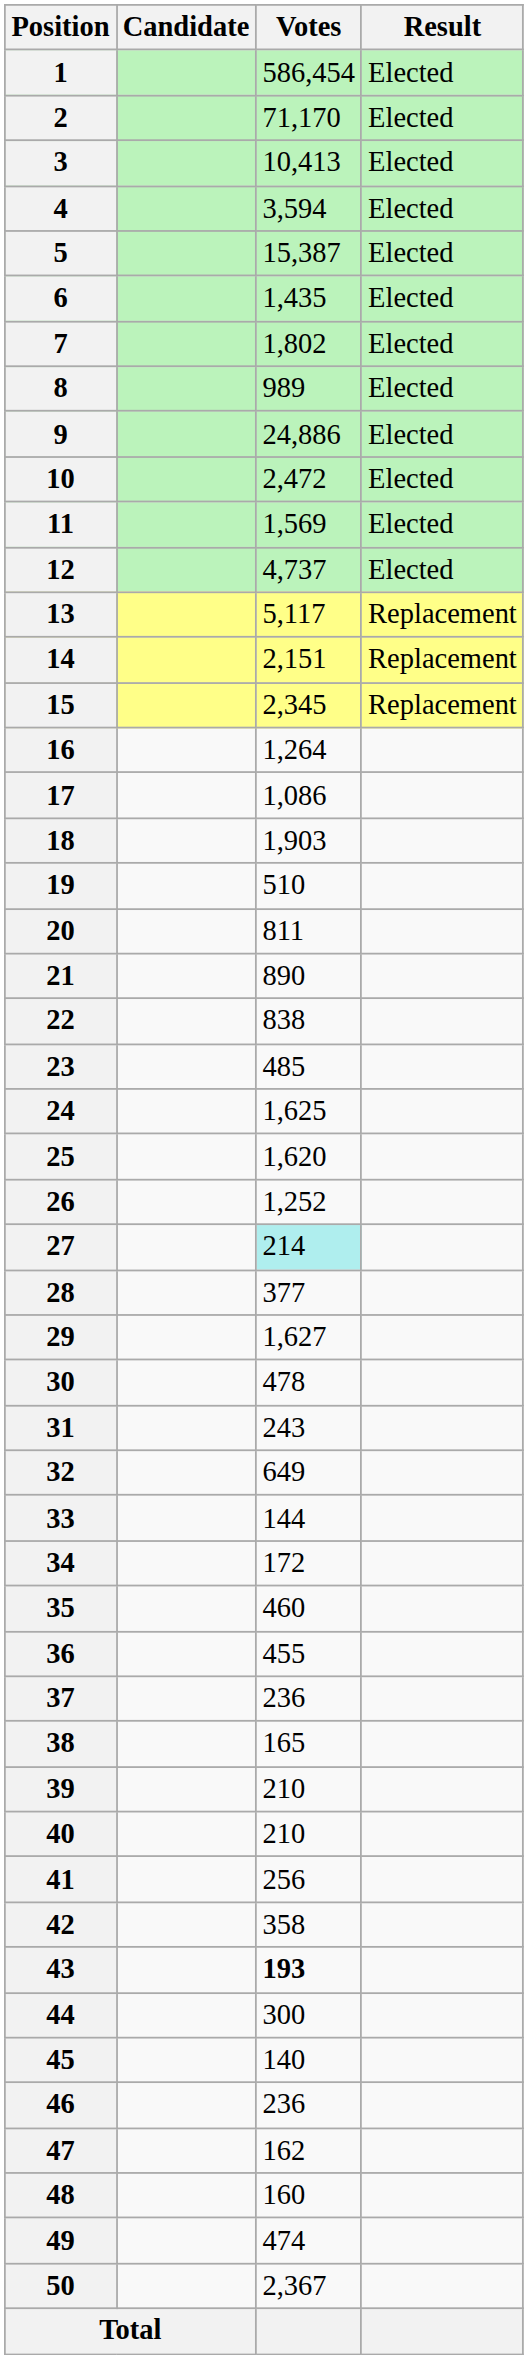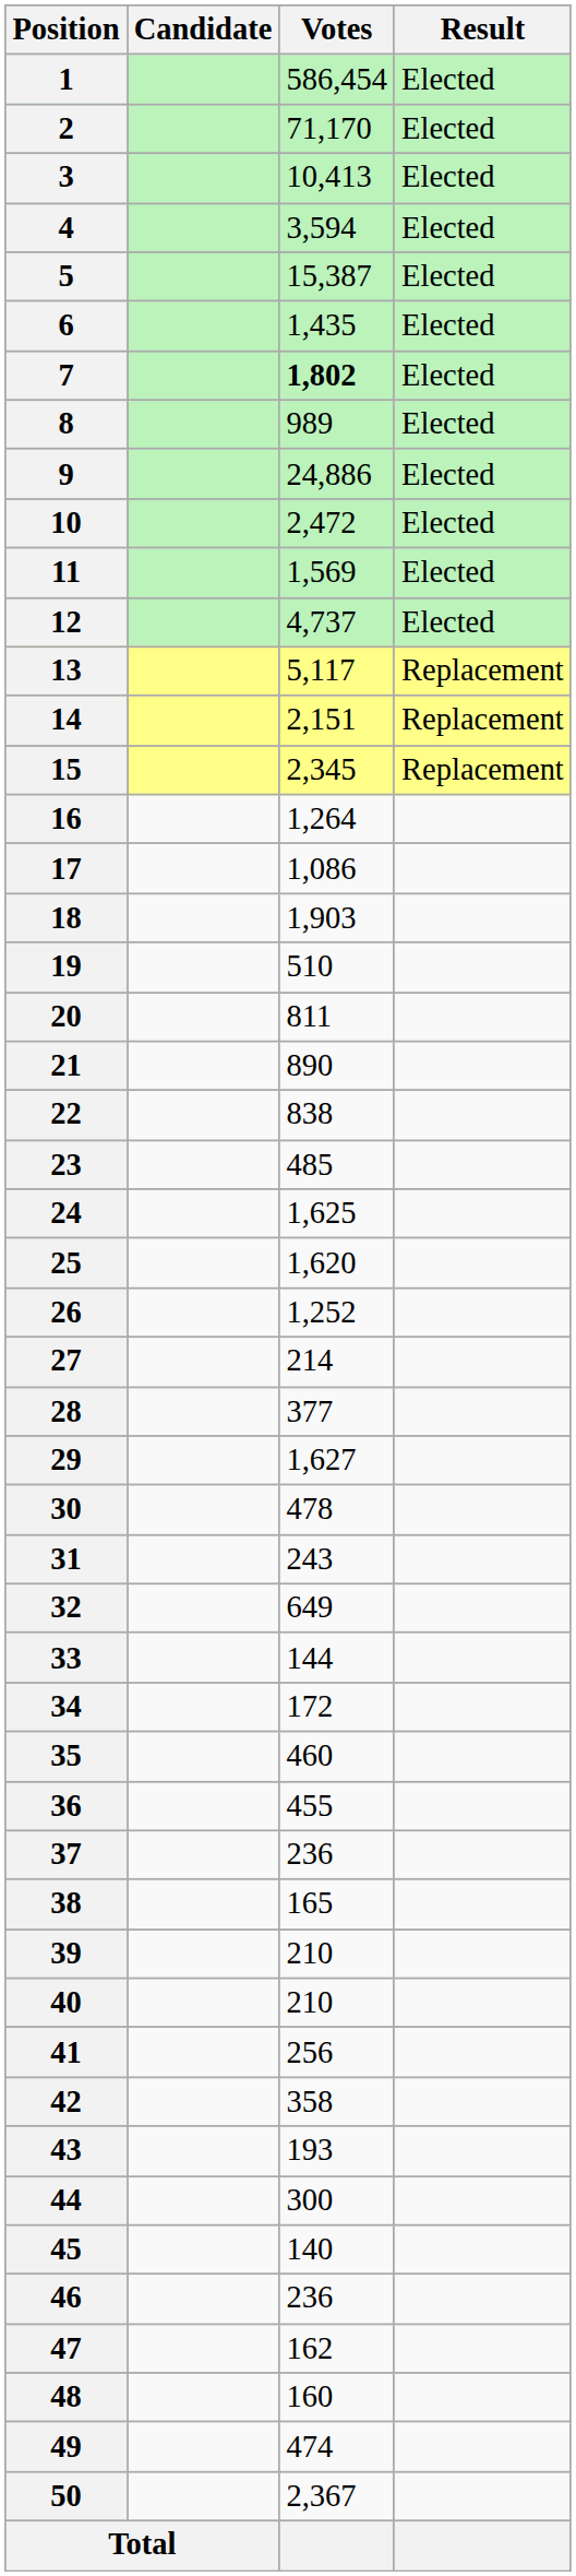 <table class="wikitable sortable col3right">
 <tr>
 <th scope="col">Position</th>
 <th scope="col">Candidate</th>
 <th scope="col">Votes</th>
 <th scope="col">Result</th>
 </tr>
 <tr bgcolor=bbf3bb>
 <th scope="row">1</th>
 <td></td>
 <td>586,454</td>
 <td>Elected</td>
 </tr>
 <tr bgcolor=bbf3bb>
 <th scope="row">2</th>
 <td></td>
 <td>71,170</td>
 <td>Elected</td>
 </tr>
 <tr bgcolor=bbf3bb>
 <th scope="row">3</th>
 <td></td>
 <td>10,413</td>
 <td>Elected</td>
 </tr>
 <tr bgcolor=bbf3bb>
 <th scope="row">4</th>
 <td></td>
 <td>3,594</td>
 <td>Elected</td>
 </tr>
 <tr bgcolor=bbf3bb>
 <th scope="row">5</th>
 <td></td>
 <td>15,387</td>
 <td>Elected</td>
 </tr>
 <tr bgcolor=bbf3bb>
 <th scope="row">6</th>
 <td></td>
 <td>1,435</td>
 <td>Elected</td>
 </tr>
 <tr bgcolor=bbf3bb>
 <th scope="row">7</th>
 <td></td>
-<td>1,802</td>
+<td><strong>1,802</strong></td>
 <td>Elected</td>
 </tr>
 <tr bgcolor=bbf3bb>
 <th scope="row">8</th>
 <td></td>
 <td>989</td>
 <td>Elected</td>
 </tr>
 <tr bgcolor=bbf3bb>
 <th scope="row">9</th>
 <td></td>
 <td>24,886</td>
 <td>Elected</td>
 </tr>
 <tr bgcolor=bbf3bb>
 <th scope="row">10</th>
 <td></td>
 <td>2,472</td>
 <td>Elected</td>
 </tr>
 <tr bgcolor=bbf3bb>
 <th scope="row">11</th>
 <td></td>
 <td>1,569</td>
 <td>Elected</td>
 </tr>
 <tr bgcolor=bbf3bb>
 <th scope="row">12</th>
 <td></td>
 <td>4,737</td>
 <td>Elected</td>
 </tr>
 <tr bgcolor=#FF8>
 <th scope="row">13</th>
 <td></td>
 <td>5,117</td>
 <td>Replacement</td>
 </tr>
 <tr bgcolor=#FF8>
 <th scope="row">14</th>
 <td></td>
 <td>2,151</td>
 <td>Replacement</td>
 </tr>
 <tr bgcolor=#FF8>
 <th scope="row">15</th>
 <td></td>
 <td>2,345</td>
 <td>Replacement</td>
 </tr>
 <tr>
 <th scope="row">16</th>
 <td></td>
 <td>1,264</td>
 <td></td>
 </tr>
 <tr>
 <th scope="row">17</th>
 <td></td>
 <td>1,086</td>
 <td></td>
 </tr>
 <tr>
 <th scope="row">18</th>
 <td></td>
 <td>1,903</td>
 <td></td>
 </tr>
 <tr>
 <th scope="row">19</th>
 <td></td>
 <td>510</td>
 <td></td>
 </tr>
 <tr>
 <th scope="row">20</th>
 <td></td>
 <td>811</td>
 <td></td>
 </tr>
 <tr>
 <th scope="row">21</th>
 <td></td>
 <td>890</td>
 <td></td>
 </tr>
 <tr>
 <th scope="row">22</th>
 <td></td>
 <td>838</td>
 <td></td>
 </tr>
 <tr>
 <th scope="row">23</th>
 <td></td>
 <td>485</td>
 <td></td>
 </tr>
 <tr>
 <th scope="row">24</th>
 <td></td>
 <td>1,625</td>
 <td></td>
 </tr>
 <tr>
 <th scope="row">25</th>
 <td></td>
 <td>1,620</td>
 <td></td>
 </tr>
 <tr>
 <th scope="row">26</th>
 <td></td>
 <td>1,252</td>
 <td></td>
 </tr>
 <tr>
 <th scope="row">27</th>
 <td></td>
-<td style="background: paleturquoise;">214</td>
+<td>214</td>
 <td></td>
 </tr>
 <tr>
 <th scope="row">28</th>
 <td></td>
 <td>377</td>
 <td></td>
 </tr>
 <tr>
 <th scope="row">29</th>
 <td></td>
 <td>1,627</td>
 <td></td>
 </tr>
 <tr>
 <th scope="row">30</th>
 <td></td>
 <td>478</td>
 <td></td>
 </tr>
 <tr>
 <th scope="row">31</th>
 <td></td>
 <td>243</td>
 <td></td>
 </tr>
 <tr>
 <th scope="row">32</th>
 <td></td>
 <td>649</td>
 <td></td>
 </tr>
 <tr>
 <th scope="row">33</th>
 <td></td>
 <td>144</td>
 <td></td>
 </tr>
 <tr>
 <th scope="row">34</th>
 <td></td>
 <td>172</td>
 <td></td>
 </tr>
 <tr>
 <th scope="row">35</th>
 <td></td>
 <td>460</td>
 <td></td>
 </tr>
 <tr>
 <th scope="row">36</th>
 <td></td>
 <td>455</td>
 <td></td>
 </tr>
 <tr>
 <th scope="row">37</th>
 <td></td>
 <td>236</td>
 <td></td>
 </tr>
 <tr>
 <th scope="row">38</th>
 <td></td>
 <td>165</td>
 <td></td>
 </tr>
 <tr>
 <th scope="row">39</th>
 <td></td>
 <td>210</td>
 <td></td>
 </tr>
 <tr>
 <th scope="row">40</th>
 <td></td>
 <td>210</td>
 <td></td>
 </tr>
 <tr>
 <th scope="row">41</th>
 <td></td>
 <td>256</td>
 <td></td>
 </tr>
 <tr>
 <th scope="row">42</th>
 <td></td>
 <td>358</td>
 <td></td>
 </tr>
 <tr>
 <th scope="row">43</th>
 <td></td>
-<td><strong>193</strong></td>
+<td>193</td>
 <td></td>
 </tr>
 <tr>
 <th scope="row">44</th>
 <td></td>
 <td>300</td>
 <td></td>
 </tr>
 <tr>
 <th scope="row">45</th>
 <td></td>
 <td>140</td>
 <td></td>
 </tr>
 <tr>
 <th scope="row">46</th>
 <td></td>
 <td>236</td>
 <td></td>
 </tr>
 <tr>
 <th scope="row">47</th>
 <td></td>
 <td>162</td>
 <td></td>
 </tr>
 <tr>
 <th scope="row">48</th>
 <td></td>
 <td>160</td>
 <td></td>
 </tr>
 <tr>
 <th scope="row">49</th>
 <td></td>
 <td>474</td>
 <td></td>
 </tr>
 <tr>
 <th scope="row">50</th>
 <td></td>
 <td>2,367</td>
 <td></td>
 </tr>
 <tr class="sortbottom">
 <th scope="row" colspan="2">Total</th>
 <th></th>
 <th></th>
 </tr>
 </table>
